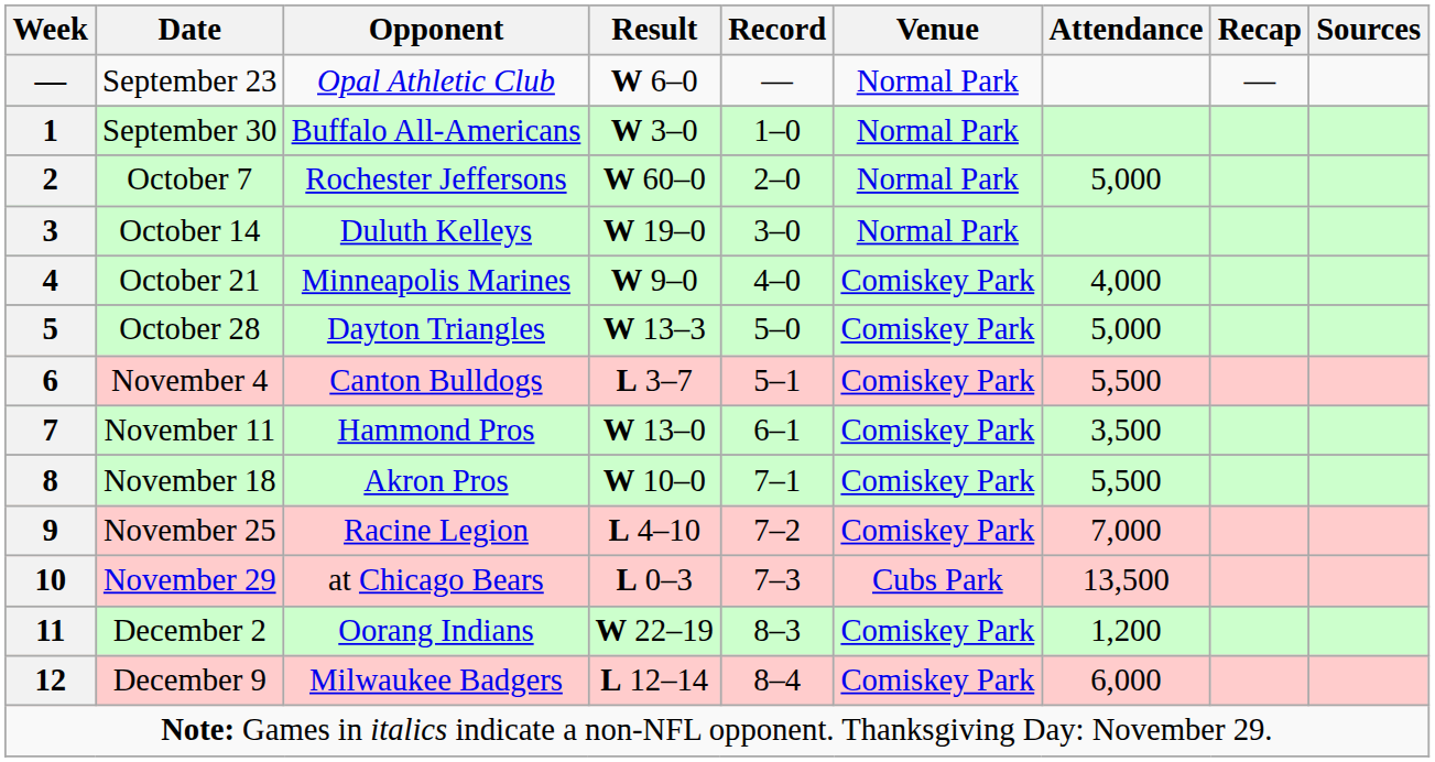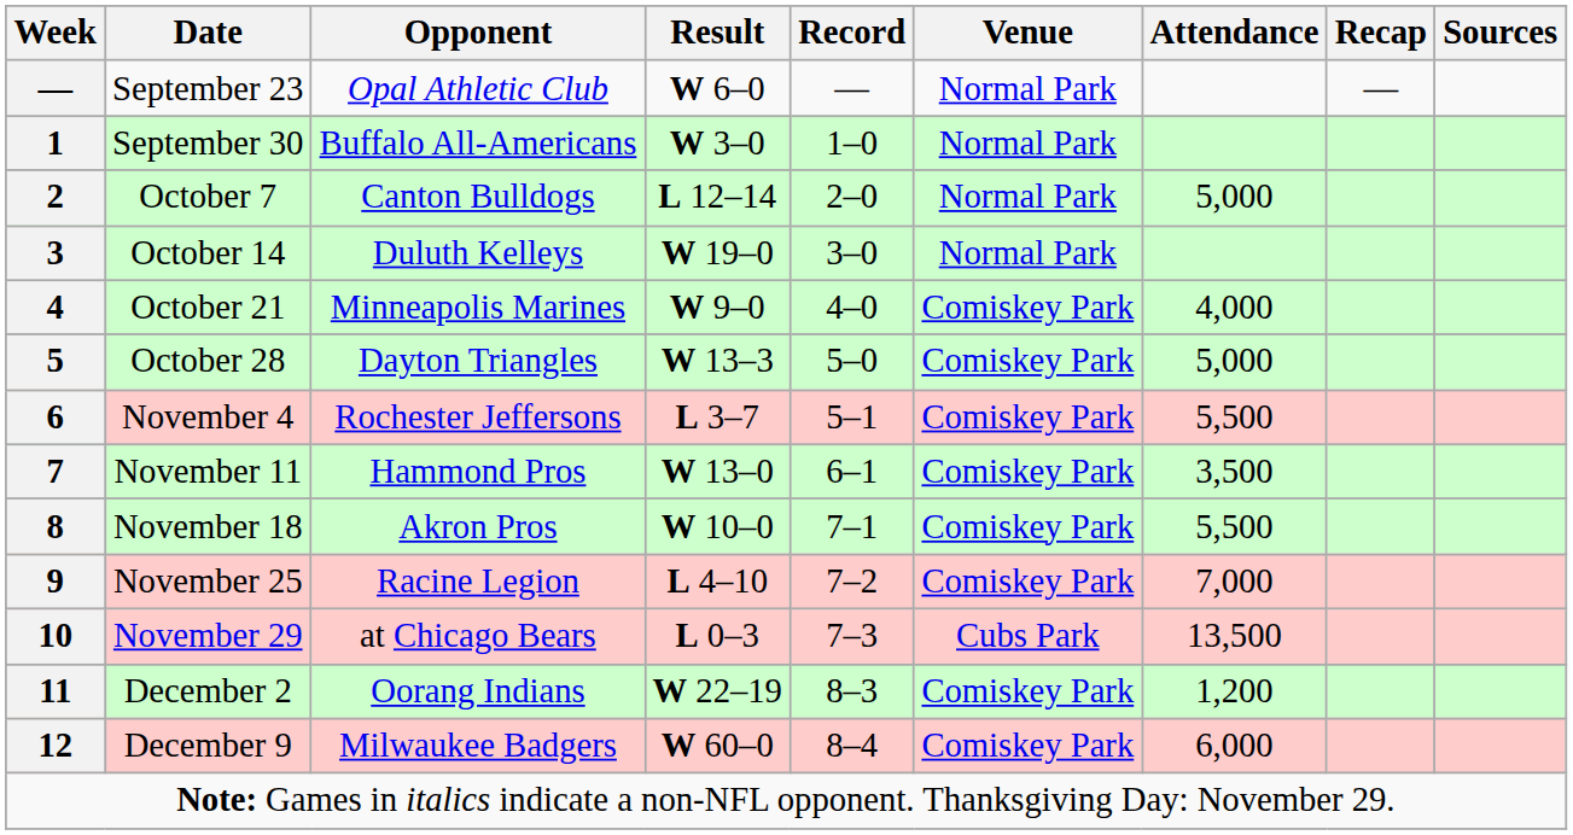 <table class="wikitable" style="text-align:center">
 <tr>
 <th>Week</th>
 <th>Date</th>
 <th>Opponent</th>
 <th>Result</th>
 <th>Record</th>
 <th>Venue</th>
 <th>Attendance</th>
 <th>Recap</th>
 <th>Sources</th>
 </tr>
 <tr>
 <th>—</th>
 <td>September 23</td>
 <td><em><a href='#'>Opal Athletic Club</a></em></td>
 <td><strong>W</strong> 6–0</td>
 <td>—</td>
 <td><a href='#'>Normal Park</a></td>
 <td></td>
 <td>—</td>
 <td></td>
 </tr>
 <tr style="background:#cfc">
 <th>1</th>
 <td>September 30</td>
 <td><a href='#'>Buffalo All-Americans</a></td>
 <td><strong>W</strong> 3–0</td>
 <td>1–0</td>
 <td><a href='#'>Normal Park</a></td>
 <td></td>
 <td></td>
 <td></td>
 </tr>
 <tr style="background:#cfc">
 <th>2</th>
 <td>October 7</td>
-<td><a href='#'>Rochester Jeffersons</a></td>
-<td><strong>W</strong> 60–0</td>
+<td><a href='#'>Canton Bulldogs</a></td>
+<td><strong>L</strong> 12–14</td>
 <td>2–0</td>
 <td><a href='#'>Normal Park</a></td>
 <td>5,000</td>
 <td></td>
 <td></td>
 </tr>
 <tr style="background:#cfc">
 <th>3</th>
 <td>October 14</td>
 <td><a href='#'>Duluth Kelleys</a></td>
 <td><strong>W</strong> 19–0</td>
 <td>3–0</td>
 <td><a href='#'>Normal Park</a></td>
 <td></td>
 <td></td>
 <td></td>
 </tr>
 <tr style="background:#cfc">
 <th>4</th>
 <td>October 21</td>
 <td><a href='#'>Minneapolis Marines</a></td>
 <td><strong>W</strong> 9–0</td>
 <td>4–0</td>
 <td><a href='#'>Comiskey Park</a></td>
 <td>4,000</td>
 <td></td>
 <td></td>
 </tr>
 <tr style="background:#cfc">
 <th>5</th>
 <td>October 28</td>
 <td><a href='#'>Dayton Triangles</a></td>
 <td><strong>W</strong> 13–3</td>
 <td>5–0</td>
 <td><a href='#'>Comiskey Park</a></td>
 <td>5,000</td>
 <td></td>
 <td></td>
 </tr>
 <tr style="background:#fcc">
 <th>6</th>
 <td>November 4</td>
-<td><a href='#'>Canton Bulldogs</a></td>
+<td><a href='#'>Rochester Jeffersons</a></td>
 <td><strong>L</strong> 3–7</td>
 <td>5–1</td>
 <td><a href='#'>Comiskey Park</a></td>
 <td>5,500 </td>
 <td></td>
 <td></td>
 </tr>
 <tr style="background:#cfc">
 <th>7</th>
 <td>November 11</td>
 <td><a href='#'>Hammond Pros</a></td>
 <td><strong>W</strong> 13–0</td>
 <td>6–1</td>
 <td><a href='#'>Comiskey Park</a></td>
 <td>3,500</td>
 <td></td>
 <td></td>
 </tr>
 <tr style="background:#cfc">
 <th>8</th>
 <td>November 18</td>
 <td><a href='#'>Akron Pros</a></td>
 <td><strong>W</strong> 10–0</td>
 <td>7–1</td>
 <td><a href='#'>Comiskey Park</a></td>
 <td>5,500</td>
 <td></td>
 <td></td>
 </tr>
 <tr style="background:#fcc">
 <th>9</th>
 <td>November 25</td>
 <td><a href='#'>Racine Legion</a></td>
 <td><strong>L</strong> 4–10</td>
 <td>7–2</td>
 <td><a href='#'>Comiskey Park</a></td>
 <td>7,000</td>
 <td></td>
 <td></td>
 </tr>
 <tr style="background:#fcc">
 <th>10</th>
 <td><a href='#'>November 29</a></td>
 <td>at <a href='#'>Chicago Bears</a></td>
 <td><strong>L</strong> 0–3</td>
 <td>7–3</td>
 <td><a href='#'>Cubs Park</a></td>
 <td>13,500</td>
 <td></td>
 <td></td>
 </tr>
 <tr style="background:#cfc">
 <th>11</th>
 <td>December 2</td>
 <td><a href='#'>Oorang Indians</a></td>
 <td><strong>W</strong> 22–19</td>
 <td>8–3</td>
 <td><a href='#'>Comiskey Park</a></td>
 <td>1,200</td>
 <td></td>
 <td></td>
 </tr>
 <tr style="background:#fcc">
 <th>12</th>
 <td>December 9</td>
 <td><a href='#'>Milwaukee Badgers</a></td>
-<td><strong>L</strong> 12–14</td>
+<td><strong>W</strong> 60–0</td>
 <td>8–4</td>
 <td><a href='#'>Comiskey Park</a></td>
 <td>6,000</td>
 <td></td>
 <td></td>
 </tr>
 <tr>
 <td colspan="10"><strong>Note:</strong> Games in <em>italics</em> indicate a non-NFL opponent. Thanksgiving Day: November 29.</td>
 </tr>
 </table>
